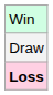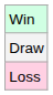 <table class="wikitable">
 <tr>
 </tr>
 <tr bgcolor = "#d0ffe3">
 <td><small>Win</small></td>
 </tr>
 <tr bgcolor = "#f3f3f3">
 <td><small>Draw</small></td>
 </tr>
 <tr bgcolor = "#ffd0e3">
-<td><strong><small>Loss</small></strong></td>
+<td><small>Loss</small></td>
 </tr>
 </table>
